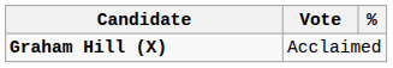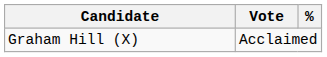 <table class="wikitable">
 <tr>
 <th bgcolor="#DDDDFF" width="200px">Candidate</th>
 <th bgcolor="#DDDDFF">Vote</th>
 <th bgcolor="#DDDDFF">%</th>
 </tr>
 <tr>
-<td><strong>Graham Hill (X)</strong></td>
+<td>Graham Hill (X)</td>
 <td colspan="2">Acclaimed</td>
 </tr>
 </table>
